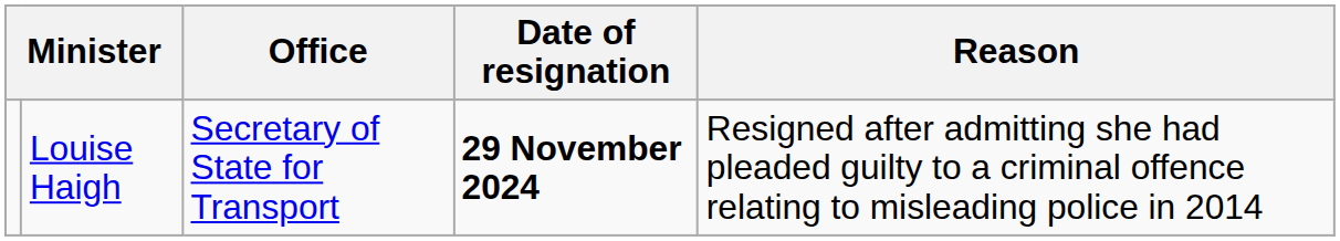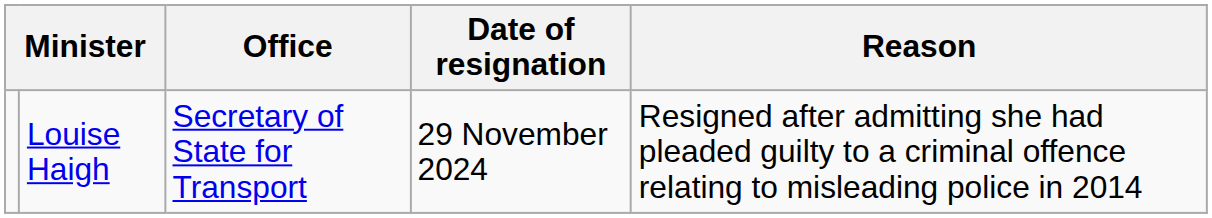 <table class="wikitable">
 <tr>
 <th colspan="2">Minister<br></th>
 <th>Office</th>
 <th>Date of resignation</th>
 <th>Reason</th>
 </tr>
 <tr>
 <td></td>
 <td><a href='#'>Louise Haigh</a></td>
 <td><a href='#'>Secretary of State for Transport</a></td>
-<td><strong>29 November 2024</strong></td>
+<td>29 November 2024</td>
 <td>Resigned after admitting she had pleaded guilty to a criminal offence relating to misleading police in 2014</td>
 </tr>
 </table>
